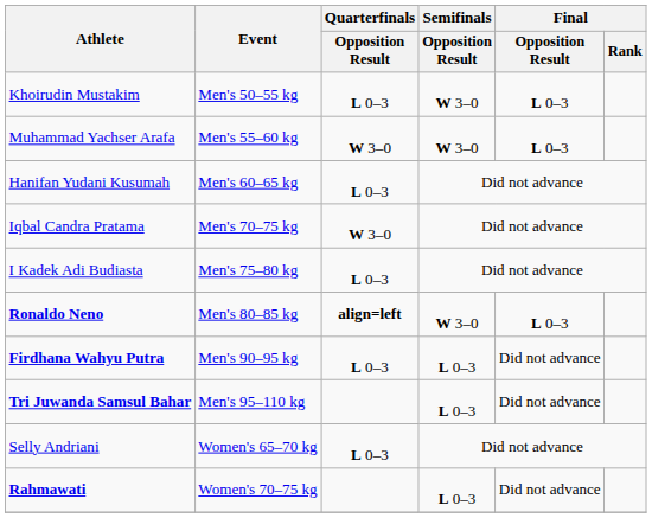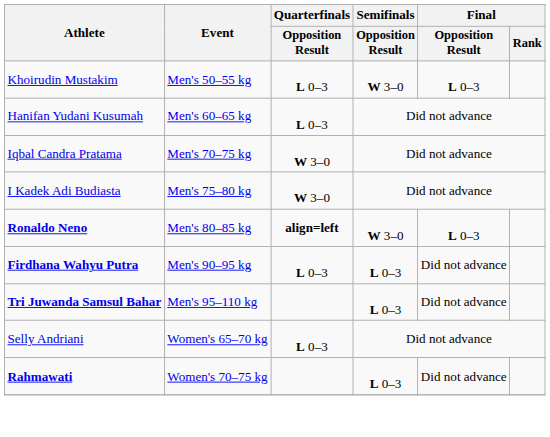 <table class=wikitable style="font-size:90%; text-align:center">
 <tr>
 <th rowspan=2>Athlete</th>
 <th rowspan=2>Event</th>
 <th>Quarterfinals</th>
 <th>Semifinals</th>
 <th colspan=2>Final</th>
 </tr>
 <tr style="font-size:95%">
 <th>Opposition<br>Result</th>
 <th>Opposition<br>Result</th>
 <th>Opposition<br>Result</th>
 <th>Rank</th>
 </tr>
 <tr>
 <td align=left><a href='#'>Khoirudin Mustakim</a></td>
 <td align=left><a href='#'>Men's 50–55 kg</a></td>
 <td> <br><strong>L</strong> 0–3</td>
 <td> <br><strong>W</strong> 3–0</td>
 <td> <br><strong>L</strong> 0–3</td>
 <td></td>
 </tr>
 <tr>
-<td align=left><a href='#'>Muhammad Yachser Arafa</a></td>
-<td align=left><a href='#'>Men's 55–60 kg</a></td>
-<td> <br><strong>W</strong> 3–0</td>
-<td> <br><strong>W</strong> 3–0</td>
-<td> <br><strong>L</strong> 0–3</td>
-<td></td>
-</tr>
-<tr>
 <td align=left><a href='#'>Hanifan Yudani Kusumah</a></td>
 <td align=left><a href='#'>Men's 60–65 kg</a></td>
 <td> <br><strong>L</strong> 0–3</td>
 <td colspan="3">Did not advance</td>
 </tr>
 <tr>
 <td align=left><a href='#'>Iqbal Candra Pratama</a></td>
 <td align=left><a href='#'>Men's 70–75 kg</a></td>
 <td> <br><strong>W</strong> 3–0</td>
 <td colspan="3">Did not advance</td>
 </tr>
 <tr>
 <td align=left><a href='#'>I Kadek Adi Budiasta</a></td>
 <td align=left><a href='#'>Men's 75–80 kg</a></td>
-<td> <br><strong>L</strong> 0–3</td>
+<td> <br><strong>W</strong> 3–0</td>
 <td colspan="3">Did not advance</td>
 </tr>
 <tr>
 <td align=left><strong><a href='#'>Ronaldo Neno</a></strong></td>
 <td align=left><a href='#'>Men's 80–85 kg</a></td>
 <td><strong>align=left </strong></td>
 <td> <br><strong>W</strong> 3–0</td>
 <td> <br><strong>L</strong> 0–3</td>
 <td></td>
 </tr>
 <tr>
 <td align=left><strong><a href='#'>Firdhana Wahyu Putra</a></strong></td>
 <td align=left><a href='#'>Men's 90–95 kg</a></td>
 <td> <br><strong>L</strong> 0–3</td>
 <td> <br><strong>L</strong> 0–3</td>
 <td>Did not advance</td>
 <td></td>
 </tr>
 <tr>
 <td align=left><strong><a href='#'>Tri Juwanda Samsul Bahar</a></strong></td>
 <td align=left><a href='#'>Men's 95–110 kg</a></td>
 <td></td>
 <td> <br><strong>L</strong> 0–3</td>
 <td>Did not advance</td>
 <td></td>
 </tr>
 <tr>
 <td align=left><a href='#'>Selly Andriani</a></td>
 <td align=left><a href='#'>Women's 65–70 kg</a></td>
 <td> <br><strong>L</strong> 0–3</td>
 <td colspan="3">Did not advance</td>
 </tr>
 <tr>
 <td align=left><strong><a href='#'>Rahmawati</a></strong></td>
 <td align=left><a href='#'>Women's 70–75 kg</a></td>
 <td></td>
 <td> <br><strong>L</strong> 0–3</td>
 <td>Did not advance</td>
 <td></td>
 </tr>
 <tr>
 </tr>
 </table>
